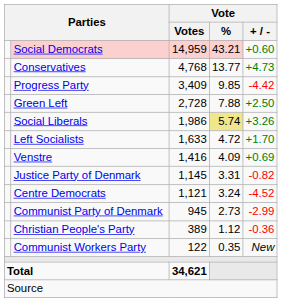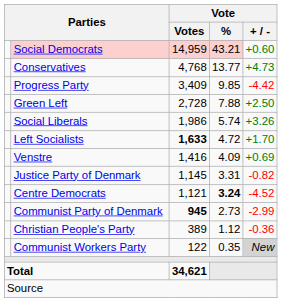 <table class="wikitable" style="text-align:right;">
 <tr>
 <th style="text-align:centre;" rowspan="2" colspan="2" width="225">Parties</th>
 <th colspan="3">Vote</th>
 </tr>
 <tr>
 <th width="15">Votes</th>
 <th width="15">%</th>
 <th width="15">+ / -</th>
 </tr>
 <tr>
 <td width="2" style="color:inherit;background:"></td>
 <td bgcolor=#fbd0ce  align="left"><a href='#'>Social Democrats</a></td>
 <td bgcolor=#fbd0ce>14,959</td>
 <td bgcolor=#fbd0ce>43.21</td>
 <td style=color:green;>+0.60</td>
 </tr>
 <tr>
 <td width="2" style="color:inherit;background:"></td>
 <td align="left"><a href='#'>Conservatives</a></td>
 <td>4,768</td>
 <td>13.77</td>
 <td style=color:green;>+4.73</td>
 </tr>
 <tr>
 <td width="2" style="color:inherit;background:"></td>
 <td align="left"><a href='#'>Progress Party</a></td>
 <td>3,409</td>
 <td>9.85</td>
 <td style=color:red;>-4.42</td>
 </tr>
 <tr>
 <td width="2" style="color:inherit;background:"></td>
 <td align="left"><a href='#'>Green Left</a></td>
 <td>2,728</td>
 <td>7.88</td>
 <td style=color:green;>+2.50</td>
 </tr>
 <tr>
 <td width="2" style="color:inherit;background:"></td>
 <td align="left"><a href='#'>Social Liberals</a></td>
 <td>1,986</td>
-<td style="background: khaki;">5.74</td>
+<td>5.74</td>
 <td style=color:green;>+3.26</td>
 </tr>
 <tr>
 <td width="2" style="color:inherit;background:"></td>
 <td align="left"><a href='#'>Left Socialists</a></td>
-<td>1,633</td>
+<td><strong>1,633</strong></td>
 <td>4.72</td>
 <td style=color:green;>+1.70</td>
 </tr>
 <tr>
 <td width="2" style="color:inherit;background:"></td>
 <td align="left"><a href='#'>Venstre</a></td>
 <td>1,416</td>
 <td>4.09</td>
 <td style=color:green;>+0.69</td>
 </tr>
 <tr>
 <td width="2" style="color:inherit;background:"></td>
 <td align="left"><a href='#'>Justice Party of Denmark</a></td>
 <td>1,145</td>
 <td>3.31</td>
 <td style=color:red;>-0.82</td>
 </tr>
 <tr>
 <td width="2" style="color:inherit;background:"></td>
 <td align="left"><a href='#'>Centre Democrats</a></td>
 <td>1,121</td>
-<td>3.24</td>
+<td><strong>3.24</strong></td>
 <td style=color:red;>-4.52</td>
 </tr>
 <tr>
 <td width="2" style="color:inherit;background:"></td>
 <td align="left"><a href='#'>Communist Party of Denmark</a></td>
-<td>945</td>
+<td><strong>945</strong></td>
 <td>2.73</td>
 <td style=color:red;>-2.99</td>
 </tr>
 <tr>
 <td width="2" style="color:inherit;background:"></td>
 <td align="left"><a href='#'>Christian People's Party</a></td>
 <td>389</td>
 <td>1.12</td>
 <td style=color:red;>-0.36</td>
 </tr>
 <tr>
 <td width="2" style="color:inherit;background:"></td>
 <td align="left"><a href='#'>Communist Workers Party</a></td>
 <td>122</td>
 <td>0.35</td>
-<td><em>New</em></td>
+<td style="background: lightgrey;"><em>New</em></td>
 </tr>
 <tr>
 <td colspan="7" bgcolor="#E9E9E9"></td>
 </tr>
 <tr>
 <td align="left" colspan="2"><strong>Total</strong></td>
 <td><strong>34,621</strong></td>
 <td bgcolor="#E9E9E9" colspan="2"></td>
 </tr>
 <tr>
 <td align="left" colspan="6">Source</td>
 </tr>
 </table>
